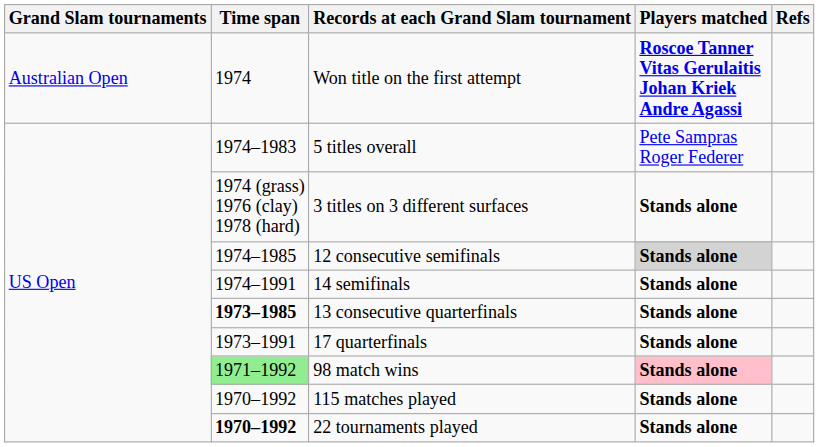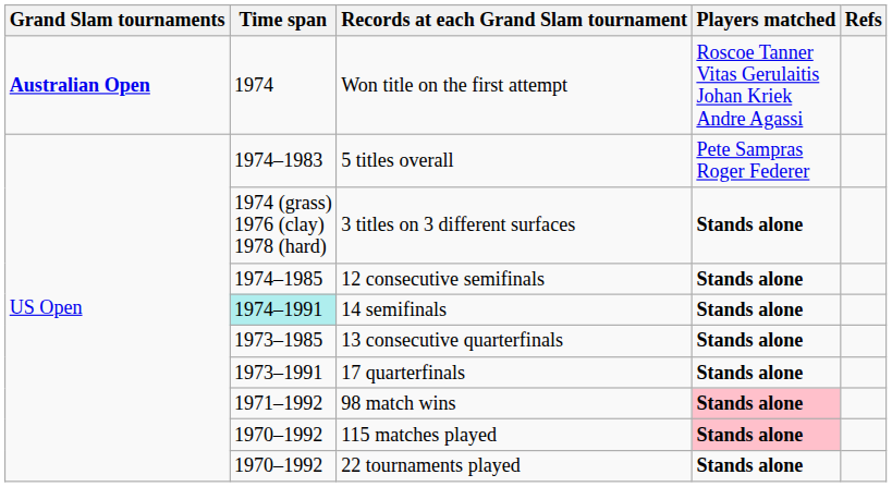 <table class="wikitable collapsible collapsed">
 <tr>
 <th>Grand Slam tournaments</th>
 <th>Time span</th>
 <th>Records at each Grand Slam tournament</th>
 <th>Players matched</th>
 <th>Refs</th>
 </tr>
 <tr>
-<td><a href='#'>Australian Open</a></td>
+<td><strong><a href='#'>Australian Open</a></strong></td>
 <td>1974</td>
 <td>Won title on the first attempt</td>
-<td><strong><a href='#'>Roscoe Tanner</a><br><a href='#'>Vitas Gerulaitis</a><br><a href='#'>Johan Kriek</a><br><a href='#'>Andre Agassi</a></strong></td>
+<td><a href='#'>Roscoe Tanner</a><br><a href='#'>Vitas Gerulaitis</a><br><a href='#'>Johan Kriek</a><br><a href='#'>Andre Agassi</a></td>
 <td></td>
 </tr>
 <tr>
 <td rowspan="9"><a href='#'>US Open</a></td>
 <td>1974–1983</td>
 <td>5 titles overall</td>
 <td><a href='#'>Pete Sampras</a><br><a href='#'>Roger Federer</a></td>
 <td></td>
 </tr>
 <tr>
 <td>1974 (grass)<br>1976 (clay)<br>1978 (hard)</td>
 <td>3 titles on 3 different surfaces</td>
 <td><strong>Stands alone</strong></td>
 <td></td>
 </tr>
 <tr>
 <td>1974–1985</td>
 <td>12 consecutive semifinals</td>
-<td style="background: lightgrey;"><strong>Stands alone</strong></td>
+<td><strong>Stands alone</strong></td>
 <td></td>
 </tr>
 <tr>
-<td>1974–1991</td>
+<td style="background: paleturquoise;">1974–1991</td>
 <td>14 semifinals</td>
 <td><strong>Stands alone</strong></td>
 <td></td>
 </tr>
 <tr>
-<td><strong>1973–1985</strong></td>
+<td>1973–1985</td>
 <td>13 consecutive quarterfinals</td>
 <td><strong>Stands alone</strong></td>
 <td></td>
 </tr>
 <tr>
 <td>1973–1991</td>
 <td>17 quarterfinals</td>
 <td><strong>Stands alone</strong></td>
 <td></td>
 </tr>
 <tr>
-<td style="background: lightgreen;">1971–1992</td>
+<td>1971–1992</td>
 <td>98 match wins</td>
 <td style="background: pink;"><strong>Stands alone</strong></td>
 <td></td>
 </tr>
 <tr>
 <td>1970–1992</td>
 <td>115 matches played</td>
-<td><strong>Stands alone</strong></td>
+<td style="background: pink;"><strong>Stands alone</strong></td>
 <td></td>
 </tr>
 <tr>
-<td><strong>1970–1992</strong></td>
+<td>1970–1992</td>
 <td>22 tournaments played</td>
 <td><strong>Stands alone</strong></td>
 <td></td>
 </tr>
 </table>
